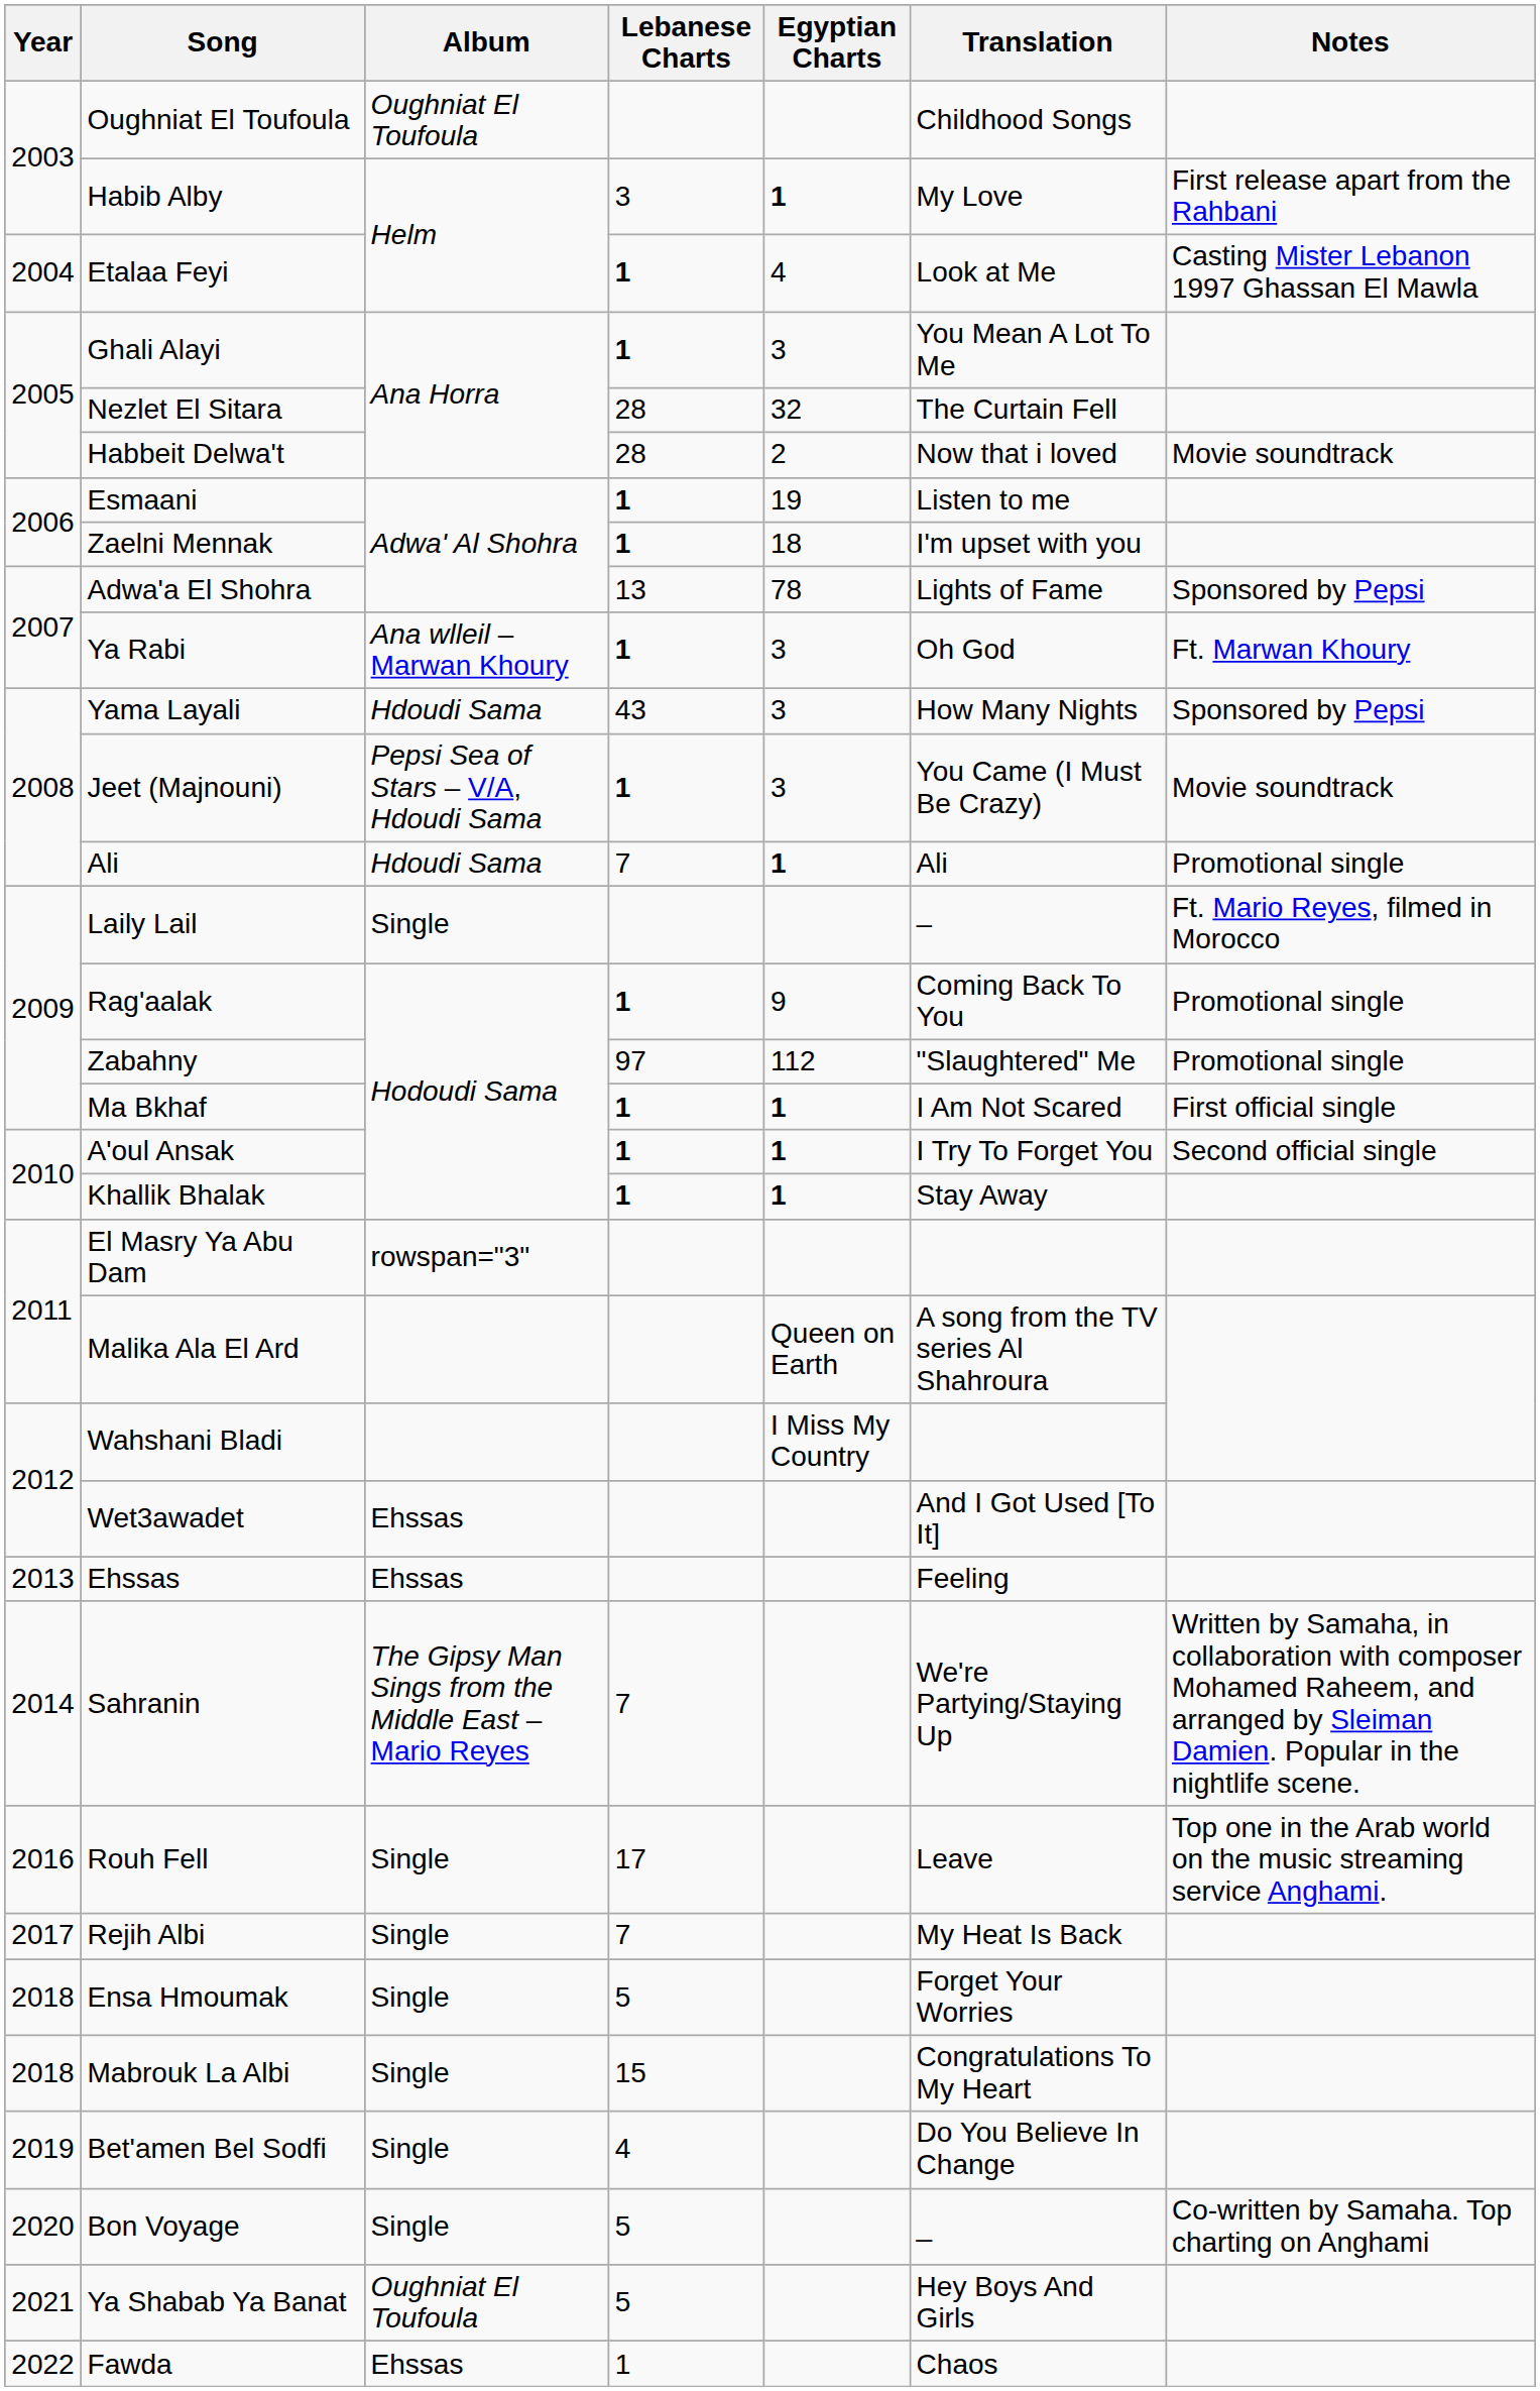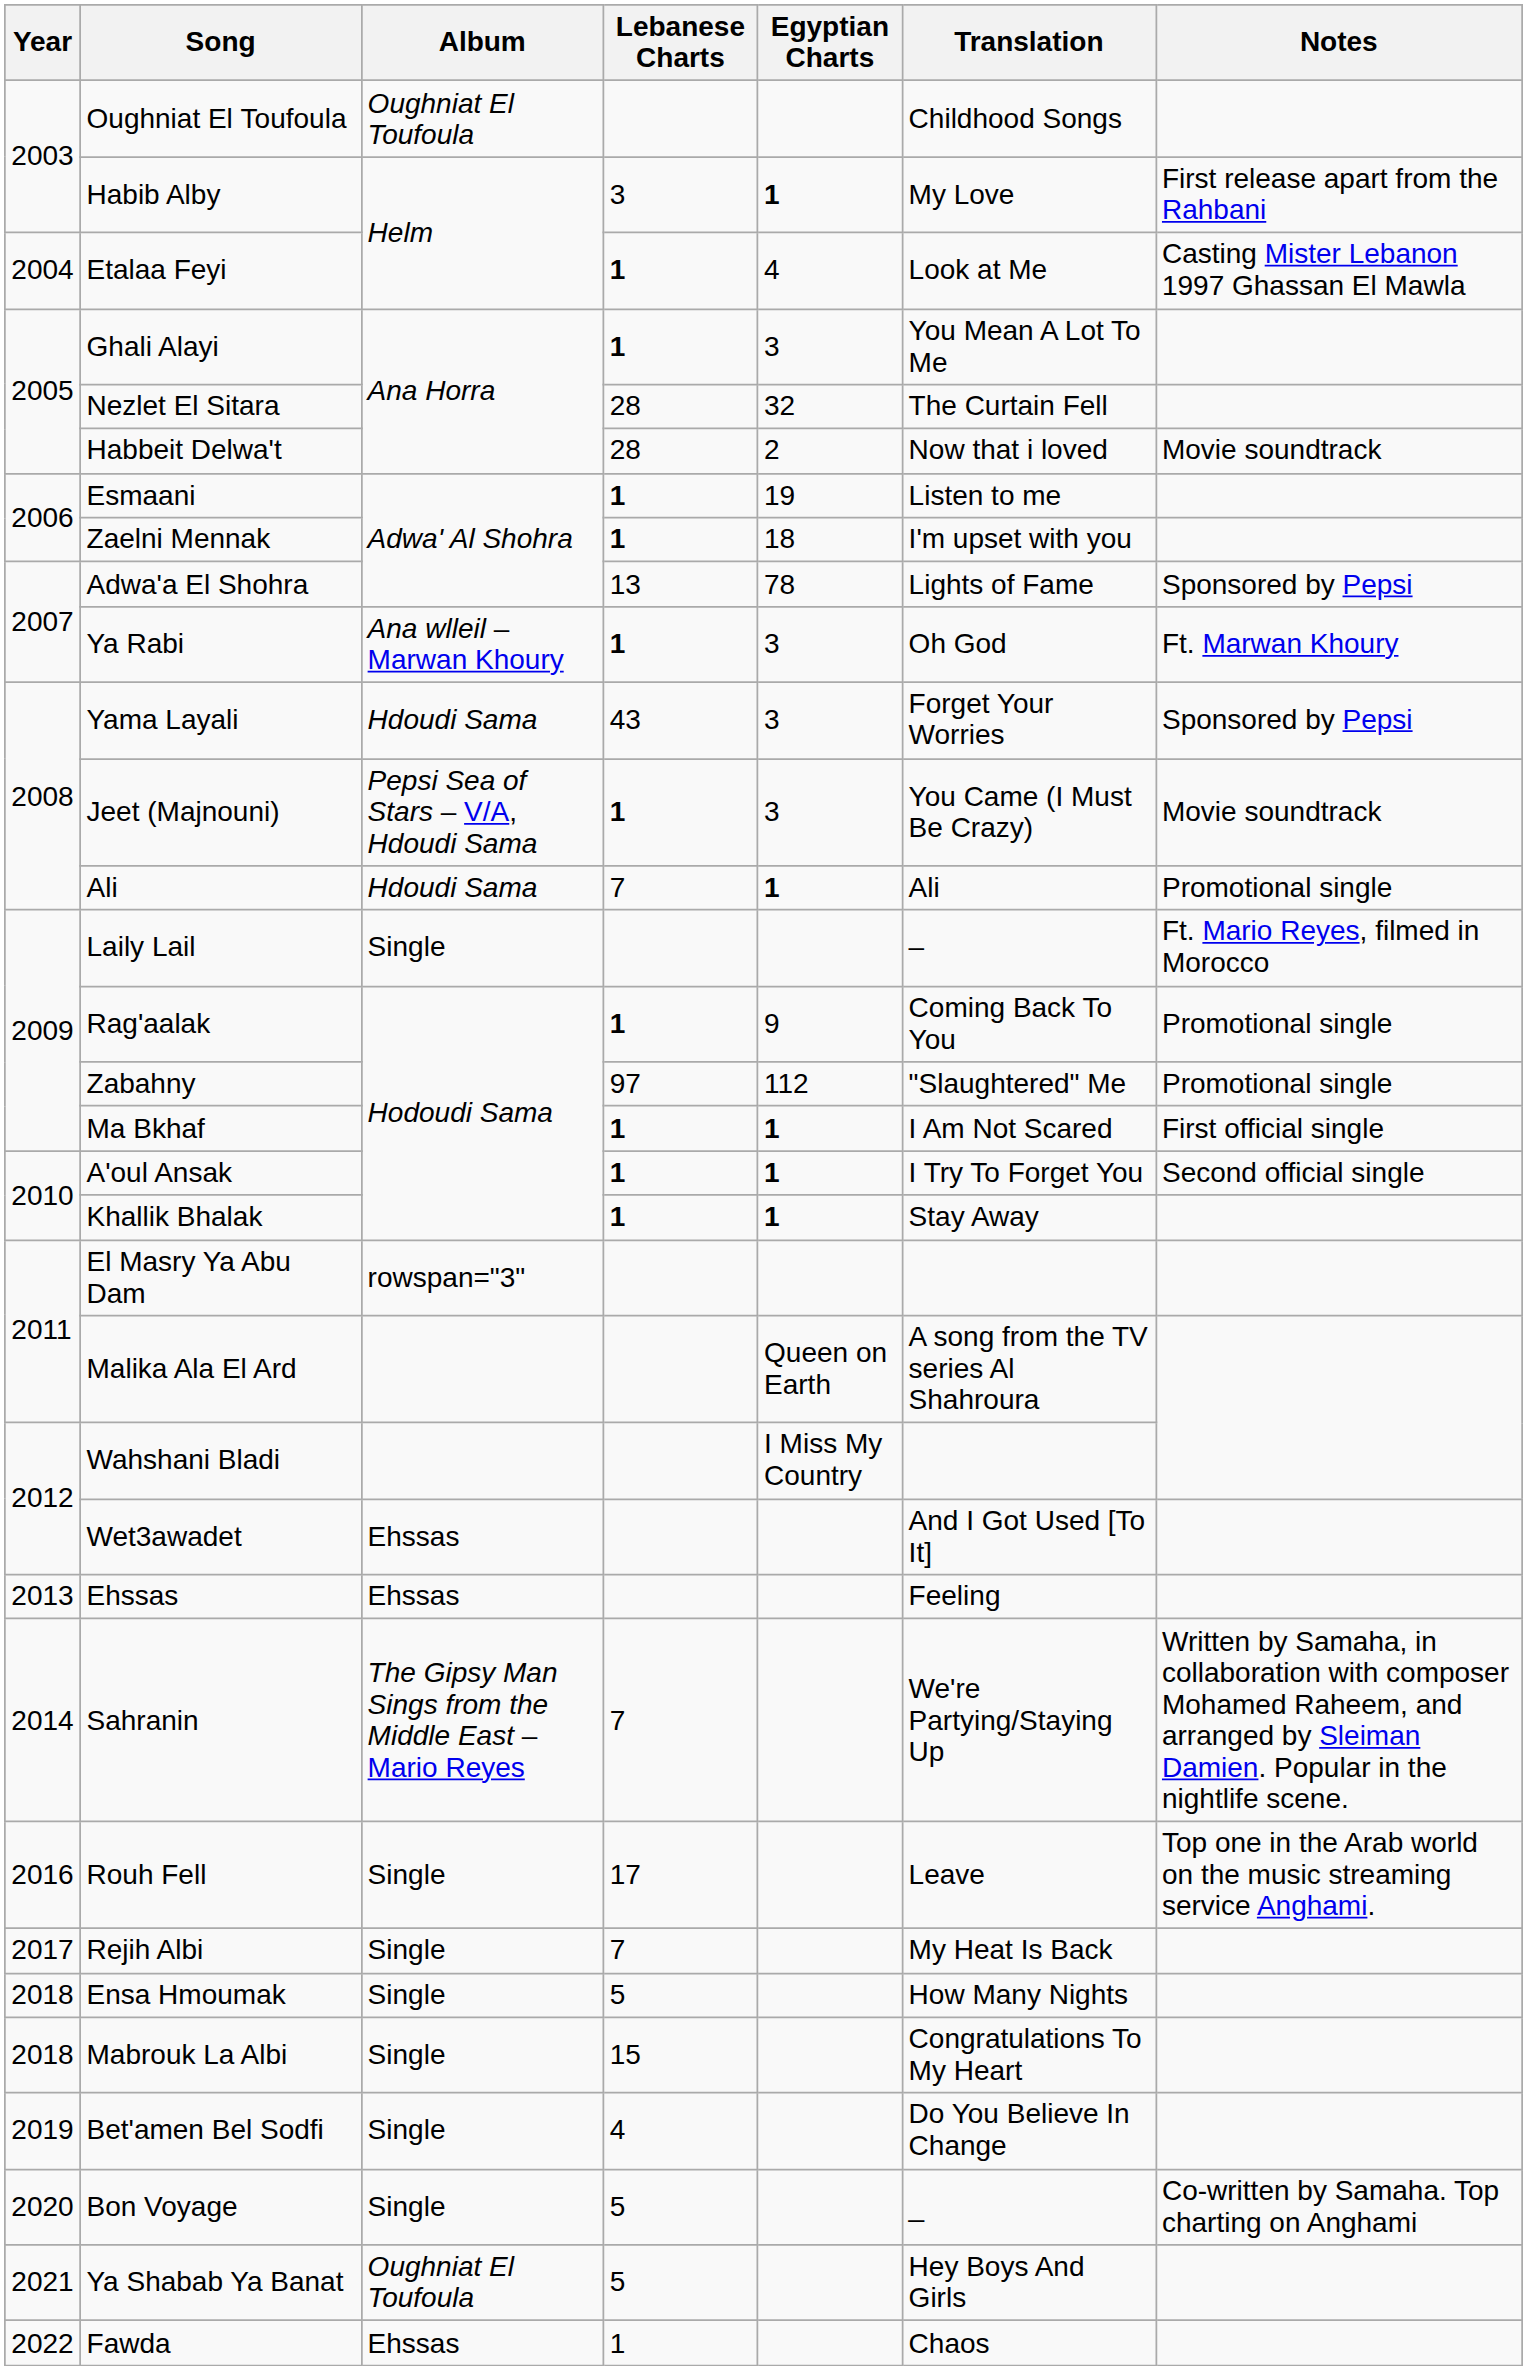 <table class="wikitable">
 <tr>
 <th>Year</th>
 <th>Song</th>
 <th>Album</th>
 <th>Lebanese Charts</th>
 <th>Egyptian Charts</th>
 <th>Translation</th>
 <th>Notes</th>
 </tr>
 <tr>
 <td rowspan="2">2003</td>
 <td>Oughniat El Toufoula </td>
 <td><em>Oughniat El Toufoula</em></td>
 <td style="text-align:;"></td>
 <td style="text-align:;"></td>
 <td>Childhood Songs</td>
 <td></td>
 </tr>
 <tr>
 <td>Habib Alby</td>
 <td rowspan="2"><em>Helm</em></td>
 <td style="text-align:;">3</td>
 <td style="text-align:;"><strong>1</strong></td>
 <td>My Love</td>
 <td>First release apart from the <a href='#'>Rahbani</a></td>
 </tr>
 <tr>
 <td>2004</td>
 <td>Etalaa Feyi</td>
 <td style="text-align:;"><strong>1</strong></td>
 <td style="text-align:;">4</td>
 <td>Look at Me</td>
 <td>Casting <a href='#'>Mister Lebanon</a> 1997 Ghassan El Mawla</td>
 </tr>
 <tr>
 <td rowspan="3">2005</td>
 <td>Ghali Alayi</td>
 <td rowspan="3"><em>Ana Horra</em></td>
 <td style="text-align:;"><strong>1</strong></td>
 <td style="text-align:;">3</td>
 <td>You Mean A Lot To Me</td>
 <td></td>
 </tr>
 <tr>
 <td>Nezlet El Sitara</td>
 <td style="text-align:;">28</td>
 <td style="text-align:;">32</td>
 <td>The Curtain Fell</td>
 <td></td>
 </tr>
 <tr>
 <td>Habbeit Delwa't</td>
 <td style="text-align:;">28</td>
 <td style="text-align:;">2</td>
 <td>Now that i loved</td>
 <td>Movie soundtrack</td>
 </tr>
 <tr>
 <td rowspan="2">2006</td>
 <td>Esmaani</td>
 <td rowspan="3"><em>Adwa' Al Shohra</em></td>
 <td style="text-align:;"><strong>1</strong></td>
 <td style="text-align:;">19</td>
 <td>Listen to me</td>
 <td></td>
 </tr>
 <tr>
 <td>Zaelni Mennak</td>
 <td style="text-align:;"><strong>1</strong></td>
 <td style="text-align:;">18</td>
 <td>I'm upset with you</td>
 <td></td>
 </tr>
 <tr>
 <td rowspan="2">2007</td>
 <td>Adwa'a El Shohra</td>
 <td style="text-align:;">13</td>
 <td style="text-align:;">78</td>
 <td>Lights of Fame</td>
 <td>Sponsored by <a href='#'>Pepsi</a></td>
 </tr>
 <tr>
 <td>Ya Rabi</td>
 <td><em>Ana wlleil</em> – <a href='#'>Marwan Khoury</a></td>
 <td style="text-align:;"><strong>1</strong></td>
 <td style="text-align:;">3</td>
 <td>Oh God</td>
 <td>Ft. <a href='#'>Marwan Khoury</a></td>
 </tr>
 <tr>
 <td rowspan="3">2008</td>
 <td>Yama Layali</td>
 <td><em>Hdoudi Sama</em></td>
 <td style="text-align:;">43</td>
 <td style="text-align:;">3</td>
-<td>How Many Nights</td>
+<td>Forget Your Worries</td>
 <td>Sponsored by <a href='#'>Pepsi</a></td>
 </tr>
 <tr>
 <td>Jeet (Majnouni)</td>
 <td><em>Pepsi Sea of Stars</em> – <a href='#'>V/A</a>,<br><em>Hdoudi Sama</em></td>
 <td style="text-align:;"><strong>1</strong></td>
 <td style="text-align:;">3</td>
 <td>You Came (I Must Be Crazy)</td>
 <td>Movie soundtrack</td>
 </tr>
 <tr>
 <td>Ali</td>
 <td><em>Hdoudi Sama</em></td>
 <td style="text-align:;">7</td>
 <td style="text-align:;"><strong>1</strong></td>
 <td>Ali</td>
 <td>Promotional single</td>
 </tr>
 <tr>
 <td rowspan="4">2009</td>
 <td>Laily Lail</td>
 <td>Single</td>
 <td style="text-align:;"></td>
 <td style="text-align:;"></td>
 <td>–</td>
 <td>Ft. <a href='#'>Mario Reyes</a>, filmed in Morocco</td>
 </tr>
 <tr>
 <td>Rag'aalak</td>
 <td rowspan=5><em>Hodoudi Sama</em></td>
 <td style="text-align:;"><strong>1</strong></td>
 <td style="text-align:;">9</td>
 <td>Coming Back To You</td>
 <td>Promotional single</td>
 </tr>
 <tr>
 <td>Zabahny</td>
 <td style="text-align:;">97</td>
 <td style="text-align:;">112</td>
 <td>"Slaughtered" Me</td>
 <td>Promotional single</td>
 </tr>
 <tr>
 <td>Ma Bkhaf</td>
 <td style="text-align:;"><strong>1</strong></td>
 <td style="text-align:;"><strong>1</strong></td>
 <td>I Am Not Scared</td>
 <td>First official single</td>
 </tr>
 <tr>
 <td rowspan="2">2010</td>
 <td>A'oul Ansak</td>
 <td style="text-align:;"><strong>1</strong></td>
 <td style="text-align:;"><strong>1</strong></td>
 <td>I Try To Forget You</td>
 <td>Second official single</td>
 </tr>
 <tr>
 <td>Khallik Bhalak</td>
 <td style="text-align:;"><strong>1</strong></td>
 <td style="text-align:;"><strong>1</strong></td>
 <td>Stay Away</td>
 <td></td>
 </tr>
 <tr>
 <td rowspan="2">2011</td>
 <td>El Masry Ya Abu Dam</td>
 <td>rowspan="3" </td>
 <td></td>
 <td></td>
 <td></td>
 <td></td>
 </tr>
 <tr>
 <td>Malika Ala El Ard</td>
 <td></td>
 <td></td>
 <td>Queen on Earth</td>
 <td>A song from the TV series Al Shahroura</td>
 </tr>
 <tr>
 <td rowspan="2">2012</td>
 <td>Wahshani Bladi</td>
 <td></td>
 <td></td>
 <td>I Miss My Country</td>
 <td></td>
 </tr>
 <tr>
 <td>Wet3awadet</td>
 <td>Ehssas</td>
 <td></td>
 <td></td>
 <td>And I Got Used [To It]</td>
 <td></td>
 </tr>
 <tr>
 <td>2013</td>
 <td>Ehssas</td>
 <td>Ehssas</td>
 <td></td>
 <td></td>
 <td>Feeling</td>
 <td></td>
 </tr>
 <tr>
 <td>2014</td>
 <td>Sahranin</td>
 <td><em>The Gipsy Man Sings from the Middle East</em> – <a href='#'>Mario Reyes</a></td>
 <td>7</td>
 <td></td>
 <td>We're Partying/Staying Up</td>
 <td>Written by Samaha, in collaboration with composer Mohamed Raheem, and arranged by <a href='#'>Sleiman Damien</a>. Popular in the nightlife scene.</td>
 </tr>
 <tr>
 <td>2016</td>
 <td>Rouh Fell</td>
 <td>Single</td>
 <td>17</td>
 <td></td>
 <td>Leave</td>
 <td>Top one in the Arab world on the music streaming service <a href='#'>Anghami</a>.</td>
 </tr>
 <tr>
 <td>2017</td>
 <td>Rejih Albi</td>
 <td>Single</td>
 <td>7</td>
 <td></td>
 <td>My Heat Is Back</td>
 <td></td>
 </tr>
 <tr>
 <td>2018</td>
 <td>Ensa Hmoumak</td>
 <td>Single</td>
 <td>5</td>
 <td></td>
-<td>Forget Your Worries</td>
+<td>How Many Nights</td>
 <td></td>
 </tr>
 <tr>
 <td>2018</td>
 <td>Mabrouk La Albi</td>
 <td>Single</td>
 <td>15</td>
 <td></td>
 <td>Congratulations To My Heart</td>
 <td></td>
 </tr>
 <tr>
 <td>2019</td>
 <td>Bet'amen Bel Sodfi</td>
 <td>Single</td>
 <td>4</td>
 <td></td>
 <td>Do You Believe In Change</td>
 <td></td>
 </tr>
 <tr>
 <td>2020</td>
 <td>Bon Voyage</td>
 <td>Single</td>
 <td>5</td>
 <td></td>
 <td>_</td>
 <td>Co-written by Samaha. Top charting on Anghami</td>
 </tr>
 <tr>
 <td>2021</td>
 <td>Ya Shabab Ya Banat</td>
 <td><em>Oughniat El Toufoula</em></td>
 <td>5</td>
 <td></td>
 <td>Hey Boys And Girls</td>
 <td></td>
 </tr>
 <tr>
 <td>2022</td>
 <td>Fawda</td>
 <td>Ehssas</td>
 <td>1</td>
 <td></td>
 <td>Chaos</td>
 <td></td>
 </tr>
 </table>
